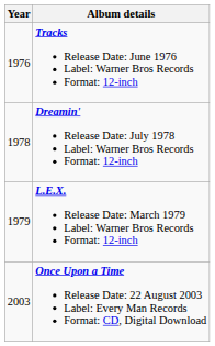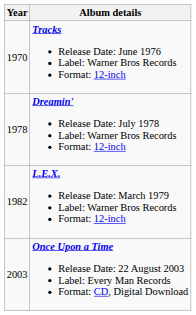 <table class="wikitable">
 <tr>
 <th rowspan="1">Year</th>
 <th rowspan="1">Album details</th>
 </tr>
 <tr>
-<td>1976</td>
+<td>1970</td>
 <td><strong><em><a href='#'>Tracks</a></em></strong><br><ul><li>Release Date: June 1976</li><li>Label: Warner Bros Records</li><li>Format: <a href='#'>12-inch</a></li></ul></td>
 </tr>
 <tr>
 <td>1978</td>
 <td><strong><em><a href='#'>Dreamin'</a></em></strong><br><ul><li>Release Date: July 1978</li><li>Label: Warner Bros Records</li><li>Format: <a href='#'>12-inch</a></li></ul></td>
 </tr>
 <tr>
-<td>1979</td>
+<td>1982</td>
 <td><strong><em><a href='#'>L.E.X.</a></em></strong><br><ul><li>Release Date: March 1979</li><li>Label: Warner Bros Records</li><li>Format: <a href='#'>12-inch</a></li></ul></td>
 </tr>
 <tr>
 <td>2003</td>
 <td><strong><em><a href='#'>Once Upon a Time</a></em></strong><br><ul><li>Release Date: 22 August 2003</li><li>Label: Every Man Records</li><li>Format: <a href='#'>CD</a>, Digital Download</li></ul></td>
 </tr>
 </table>
